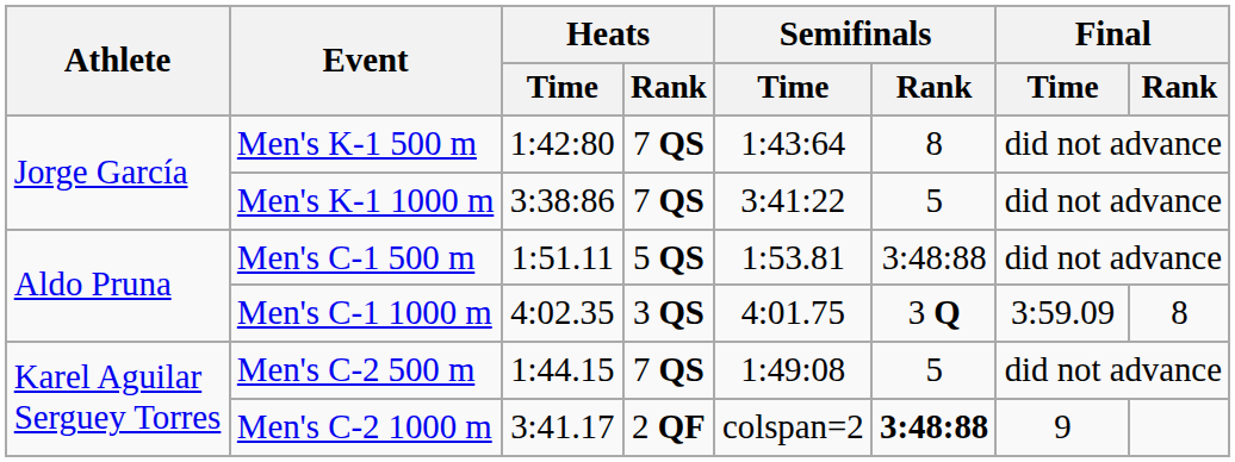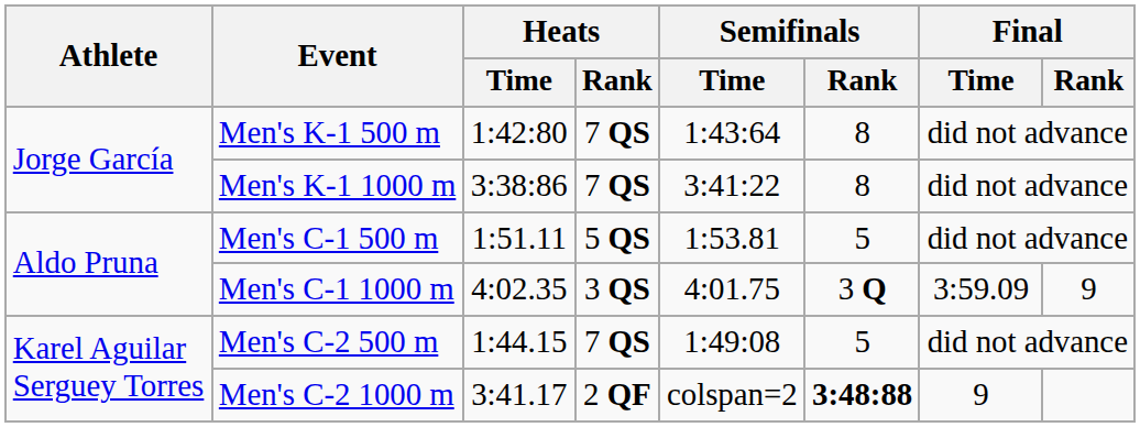 <table class=wikitable style="font-size:90%">
 <tr>
 <th rowspan="2">Athlete</th>
 <th rowspan="2">Event</th>
 <th colspan="2">Heats</th>
 <th colspan="2">Semifinals</th>
 <th colspan="2">Final</th>
 </tr>
 <tr style="font-size:95%">
 <th>Time</th>
 <th>Rank</th>
 <th>Time</th>
 <th>Rank</th>
 <th>Time</th>
 <th>Rank</th>
 </tr>
 <tr align=center>
 <td align=left rowspan=2><a href='#'>Jorge García</a></td>
 <td align=left><a href='#'>Men's K-1 500 m</a></td>
 <td>1:42:80</td>
 <td>7 <strong>QS</strong></td>
 <td>1:43:64</td>
 <td>8</td>
 <td colspan=2>did not advance</td>
 </tr>
 <tr align=center>
 <td align=left><a href='#'>Men's K-1 1000 m</a></td>
 <td>3:38:86</td>
 <td>7 <strong>QS</strong></td>
 <td>3:41:22</td>
-<td>5</td>
+<td>8</td>
 <td colspan=2>did not advance</td>
 </tr>
 <tr align=center>
 <td align=left rowspan=2><a href='#'>Aldo Pruna</a></td>
 <td align=left><a href='#'>Men's C-1 500 m</a></td>
 <td>1:51.11</td>
 <td>5 <strong>QS</strong></td>
 <td>1:53.81</td>
-<td>3:48:88</td>
+<td>5</td>
 <td colspan=2>did not advance</td>
 </tr>
 <tr align=center>
 <td align=left><a href='#'>Men's C-1 1000 m</a></td>
 <td>4:02.35</td>
 <td>3 <strong>QS</strong></td>
 <td>4:01.75</td>
 <td>3 <strong>Q</strong></td>
 <td>3:59.09</td>
-<td>8</td>
+<td>9</td>
 </tr>
 <tr align=center>
 <td align=left rowspan=2><a href='#'>Karel Aguilar</a><br><a href='#'>Serguey Torres</a></td>
 <td align=left><a href='#'>Men's C-2 500 m</a></td>
 <td>1:44.15</td>
 <td>7 <strong>QS</strong></td>
 <td>1:49:08</td>
 <td>5</td>
 <td colspan=2>did not advance</td>
 </tr>
 <tr align=center>
 <td align=left><a href='#'>Men's C-2 1000 m</a></td>
 <td>3:41.17</td>
 <td>2 <strong>QF</strong></td>
 <td>colspan=2 </td>
 <td><strong>3:48:88</strong></td>
 <td>9</td>
 </tr>
 </table>
